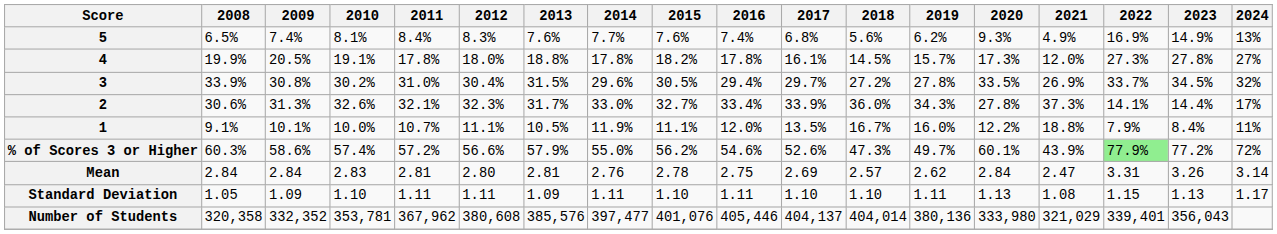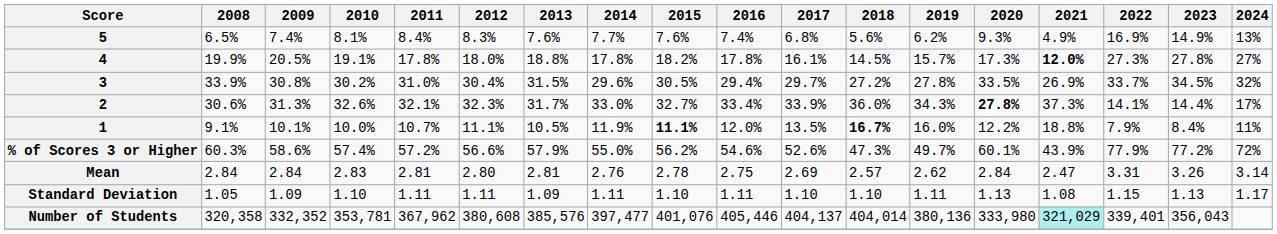 <table class="wikitable">
 <tr>
 <th>Score</th>
 <th>2008</th>
 <th>2009</th>
 <th>2010</th>
 <th>2011</th>
 <th>2012</th>
 <th>2013</th>
 <th>2014</th>
 <th>2015</th>
 <th>2016</th>
 <th>2017</th>
 <th>2018</th>
 <th>2019</th>
 <th>2020</th>
 <th>2021</th>
 <th>2022</th>
 <th>2023</th>
 <th>2024</th>
 </tr>
 <tr>
 <th>5</th>
 <td>6.5%</td>
 <td>7.4%</td>
 <td>8.1%</td>
 <td>8.4%</td>
 <td>8.3%</td>
 <td>7.6%</td>
 <td>7.7%</td>
 <td>7.6%</td>
 <td>7.4%</td>
 <td>6.8%</td>
 <td>5.6%</td>
 <td>6.2%</td>
 <td>9.3%</td>
 <td>4.9%</td>
 <td>16.9%</td>
 <td>14.9%</td>
 <td>13%</td>
 </tr>
 <tr>
 <th>4</th>
 <td>19.9%</td>
 <td>20.5%</td>
 <td>19.1%</td>
 <td>17.8%</td>
 <td>18.0%</td>
 <td>18.8%</td>
 <td>17.8%</td>
 <td>18.2%</td>
 <td>17.8%</td>
 <td>16.1%</td>
 <td>14.5%</td>
 <td>15.7%</td>
 <td>17.3%</td>
-<td>12.0%</td>
+<td><strong>12.0%</strong></td>
 <td>27.3%</td>
 <td>27.8%</td>
 <td>27%</td>
 </tr>
 <tr>
 <th>3</th>
 <td>33.9%</td>
 <td>30.8%</td>
 <td>30.2%</td>
 <td>31.0%</td>
 <td>30.4%</td>
 <td>31.5%</td>
 <td>29.6%</td>
 <td>30.5%</td>
 <td>29.4%</td>
 <td>29.7%</td>
 <td>27.2%</td>
 <td>27.8%</td>
 <td>33.5%</td>
 <td>26.9%</td>
 <td>33.7%</td>
 <td>34.5%</td>
 <td>32%</td>
 </tr>
 <tr>
 <th>2</th>
 <td>30.6%</td>
 <td>31.3%</td>
 <td>32.6%</td>
 <td>32.1%</td>
 <td>32.3%</td>
 <td>31.7%</td>
 <td>33.0%</td>
 <td>32.7%</td>
 <td>33.4%</td>
 <td>33.9%</td>
 <td>36.0%</td>
 <td>34.3%</td>
-<td>27.8%</td>
+<td><strong>27.8%</strong></td>
 <td>37.3%</td>
 <td>14.1%</td>
 <td>14.4%</td>
 <td>17%</td>
 </tr>
 <tr>
 <th>1</th>
 <td>9.1%</td>
 <td>10.1%</td>
 <td>10.0%</td>
 <td>10.7%</td>
 <td>11.1%</td>
 <td>10.5%</td>
 <td>11.9%</td>
-<td>11.1%</td>
+<td><strong>11.1%</strong></td>
 <td>12.0%</td>
 <td>13.5%</td>
-<td>16.7%</td>
+<td><strong>16.7%</strong></td>
 <td>16.0%</td>
 <td>12.2%</td>
 <td>18.8%</td>
 <td>7.9%</td>
 <td>8.4%</td>
 <td>11%</td>
 </tr>
 <tr>
 <th>% of Scores 3 or Higher</th>
 <td>60.3%</td>
 <td>58.6%</td>
 <td>57.4%</td>
 <td>57.2%</td>
 <td>56.6%</td>
 <td>57.9%</td>
 <td>55.0%</td>
 <td>56.2%</td>
 <td>54.6%</td>
 <td>52.6%</td>
 <td>47.3%</td>
 <td>49.7%</td>
 <td>60.1%</td>
 <td>43.9%</td>
-<td style="background: lightgreen;">77.9%</td>
+<td>77.9%</td>
 <td>77.2%</td>
 <td>72%</td>
 </tr>
 <tr>
 <th>Mean</th>
 <td>2.84</td>
 <td>2.84</td>
 <td>2.83</td>
 <td>2.81</td>
 <td>2.80</td>
 <td>2.81</td>
 <td>2.76</td>
 <td>2.78</td>
 <td>2.75</td>
 <td>2.69</td>
 <td>2.57</td>
 <td>2.62</td>
 <td>2.84</td>
 <td>2.47</td>
 <td>3.31</td>
 <td>3.26</td>
 <td>3.14</td>
 </tr>
 <tr>
 <th>Standard Deviation</th>
 <td>1.05</td>
 <td>1.09</td>
 <td>1.10</td>
 <td>1.11</td>
 <td>1.11</td>
 <td>1.09</td>
 <td>1.11</td>
 <td>1.10</td>
 <td>1.11</td>
 <td>1.10</td>
 <td>1.10</td>
 <td>1.11</td>
 <td>1.13</td>
 <td>1.08</td>
 <td>1.15</td>
 <td>1.13</td>
 <td>1.17</td>
 </tr>
 <tr>
 <th>Number of Students</th>
 <td>320,358</td>
 <td>332,352</td>
 <td>353,781</td>
 <td>367,962</td>
 <td>380,608</td>
 <td>385,576</td>
 <td>397,477</td>
 <td>401,076</td>
 <td>405,446</td>
 <td>404,137</td>
 <td>404,014</td>
 <td>380,136</td>
 <td>333,980</td>
-<td>321,029</td>
+<td style="background: paleturquoise;">321,029</td>
 <td>339,401</td>
 <td>356,043</td>
 <td></td>
 </tr>
 <tr>
 </tr>
 </table>
